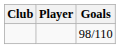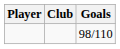 <table class="wikitable" style="text-align:center">
 <tr>
+<th>Player</th>
 <th>Club</th>
-<th>Player</th>
 <th>Goals</th>
 </tr>
 <tr>
 <td style="text-align:left"></td>
 <td style="text-align:left"></td>
 <td>98/110</td>
 </tr>
 </table>
